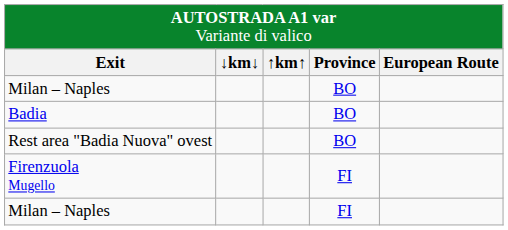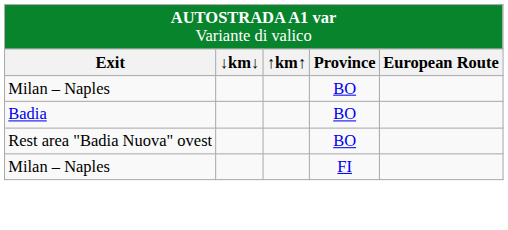 <table class="wikitable">
 <tr style="background:#08842c; text-align:center; color:white; font-size:100%;">
 <td colspan="5"><strong> AUTOSTRADA A1 var</strong><br>Variante di valico</td>
 </tr>
 <tr>
 <th style="text-align:center;"><strong>Exit</strong></th>
 <th style="text-align:center;"><strong>↓km↓</strong></th>
 <th style="text-align:center;"><strong>↑km↑</strong></th>
 <th align="center"><strong>Province</strong></th>
 <th align="center"><strong>European Route</strong></th>
 </tr>
 <tr>
 <td>  Milan – Naples</td>
 <td style="text-align:right;"></td>
 <td align="right"></td>
 <td style="text-align:center;"><a href='#'>BO</a></td>
 <td style="text-align:center;"></td>
 </tr>
 <tr>
 <td> <a href='#'>Badia</a></td>
 <td style="text-align:right;"></td>
 <td align="right"></td>
 <td style="text-align:center;"><a href='#'>BO</a></td>
 <td style="text-align:center;"></td>
 </tr>
 <tr>
 <td> Rest area "Badia Nuova" ovest</td>
 <td style="text-align:right;"></td>
 <td align="right"></td>
 <td style="text-align:center;"><a href='#'>BO</a></td>
 <td style="text-align:center;"></td>
 </tr>
 <tr>
-<td> <a href='#'>Firenzuola</a><br><small><a href='#'>Mugello</a></small></td>
-<td style="text-align:right;"></td>
-<td align="right"></td>
-<td style="text-align:center;"><a href='#'>FI</a></td>
-<td style="text-align:center;"></td>
-</tr>
-<tr>
 <td>  Milan – Naples</td>
 <td style="text-align:right;"></td>
 <td align="right"></td>
 <td style="text-align:center;"><a href='#'>FI</a></td>
 <td style="text-align:center;"></td>
 </tr>
 </table>
